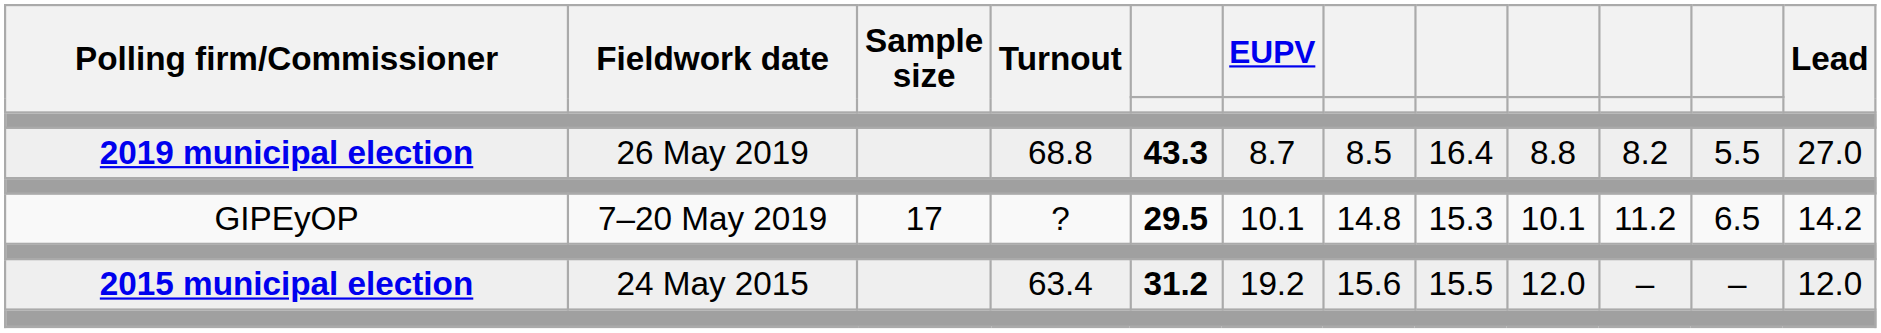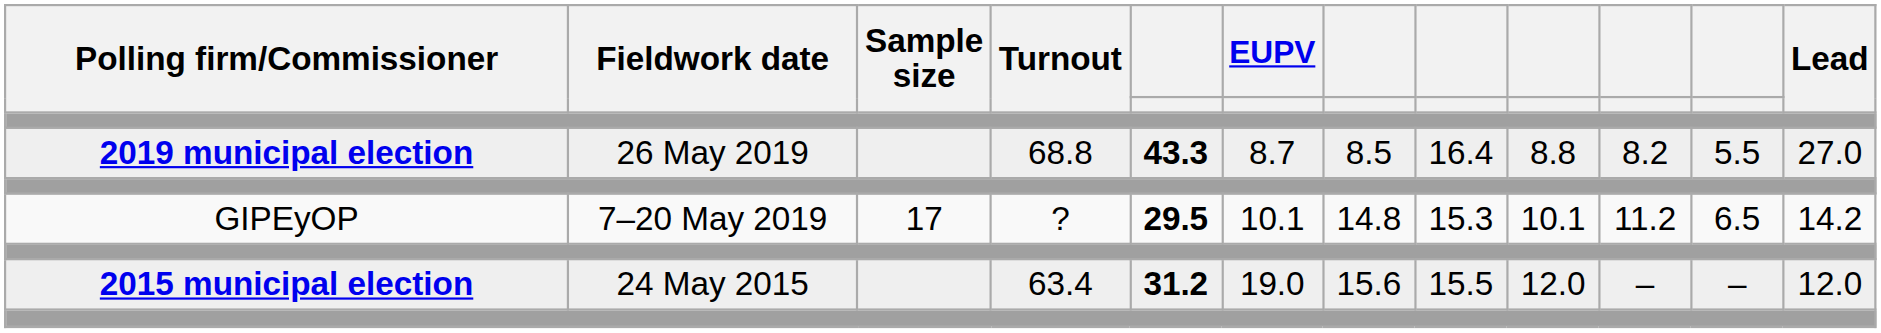 <table class="wikitable collapsible collapsed" style="text-align:center; font-size:95%; line-height:16px;">
 <tr style="height:42px;">
 <th style="width:250px;" rowspan="2">Polling firm/Commissioner</th>
 <th style="width:125px;" rowspan="2">Fieldwork date</th>
 <th style="width:50px;" rowspan="2">Sample size</th>
 <th style="width:45px;" rowspan="2">Turnout</th>
 <th style="width:35px;"></th>
 <th style="width:35px; font-size:95%;"><a href='#'>EUPV</a></th>
 <th style="width:35px;"></th>
 <th style="width:35px;"></th>
 <th style="width:35px;"></th>
 <th style="width:35px;"></th>
 <th style="width:35px;"></th>
 <th style="width:30px;" rowspan="2">Lead</th>
 </tr>
 <tr>
 <th style="color:inherit;background:"></th>
 <th style="color:inherit;background:"></th>
 <th style="color:inherit;background:"></th>
 <th style="color:inherit;background:"></th>
 <th style="color:inherit;background:"></th>
 <th style="color:inherit;background:"></th>
 <th style="color:inherit;background:"></th>
 </tr>
 <tr>
 <td colspan="12" style="background:#A0A0A0"></td>
 </tr>
 <tr style="background:#EFEFEF;">
 <td><strong><a href='#'>2019 municipal election</a></strong></td>
 <td>26 May 2019</td>
 <td></td>
 <td>68.8</td>
 <td><strong>43.3</strong><br></td>
 <td>8.7<br></td>
 <td>8.5<br></td>
 <td>16.4<br></td>
 <td>8.8<br></td>
 <td>8.2<br></td>
 <td>5.5<br></td>
 <td style="background:">27.0</td>
 </tr>
 <tr>
 <td colspan="12" style="background:#A0A0A0"></td>
 </tr>
 <tr>
 <td>GIPEyOP</td>
 <td>7–20 May 2019</td>
 <td>17</td>
 <td>?</td>
 <td><strong>29.5</strong><br></td>
 <td>10.1<br></td>
 <td>14.8<br></td>
 <td>15.3<br></td>
 <td>10.1<br></td>
 <td>11.2<br></td>
 <td>6.5<br></td>
 <td style="background:">14.2</td>
 </tr>
 <tr>
 <td colspan="12" style="background:#A0A0A0"></td>
 </tr>
 <tr style="background:#EFEFEF;">
 <td><strong><a href='#'>2015 municipal election</a></strong></td>
 <td>24 May 2015</td>
 <td></td>
 <td>63.4</td>
 <td><strong>31.2</strong><br></td>
-<td>19.2<br></td>
+<td>19.0<br></td>
 <td>15.6<br></td>
 <td>15.5<br></td>
 <td>12.0<br></td>
 <td>–</td>
 <td>–</td>
 <td style="background:">12.0</td>
 </tr>
 <tr>
 <td colspan="12" style="background:#A0A0A0"></td>
 </tr>
 </table>
